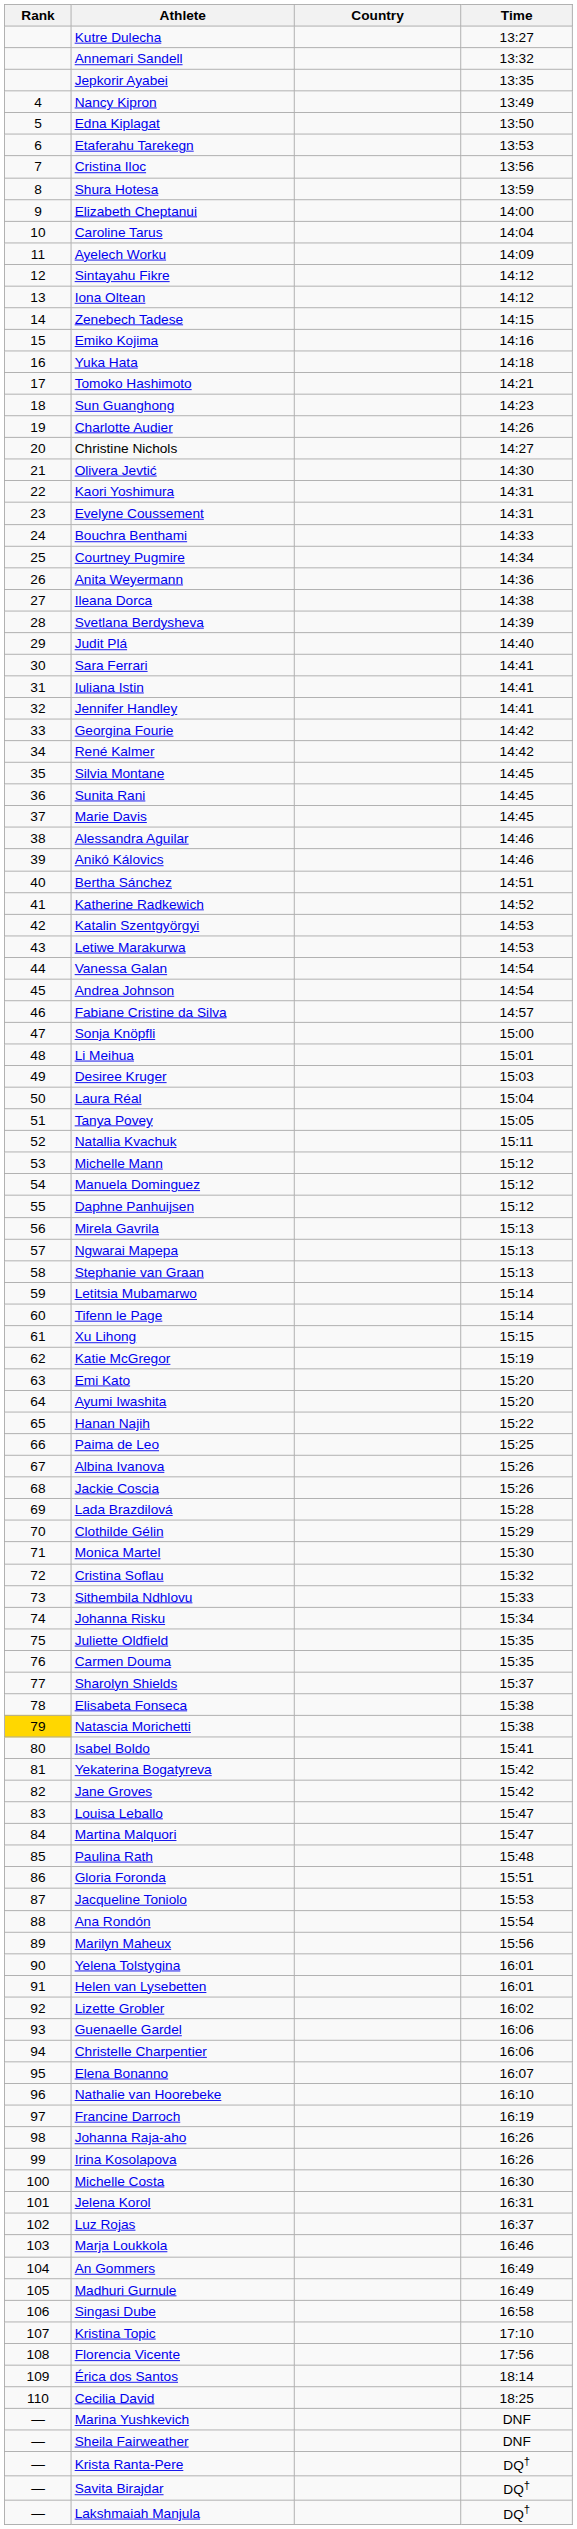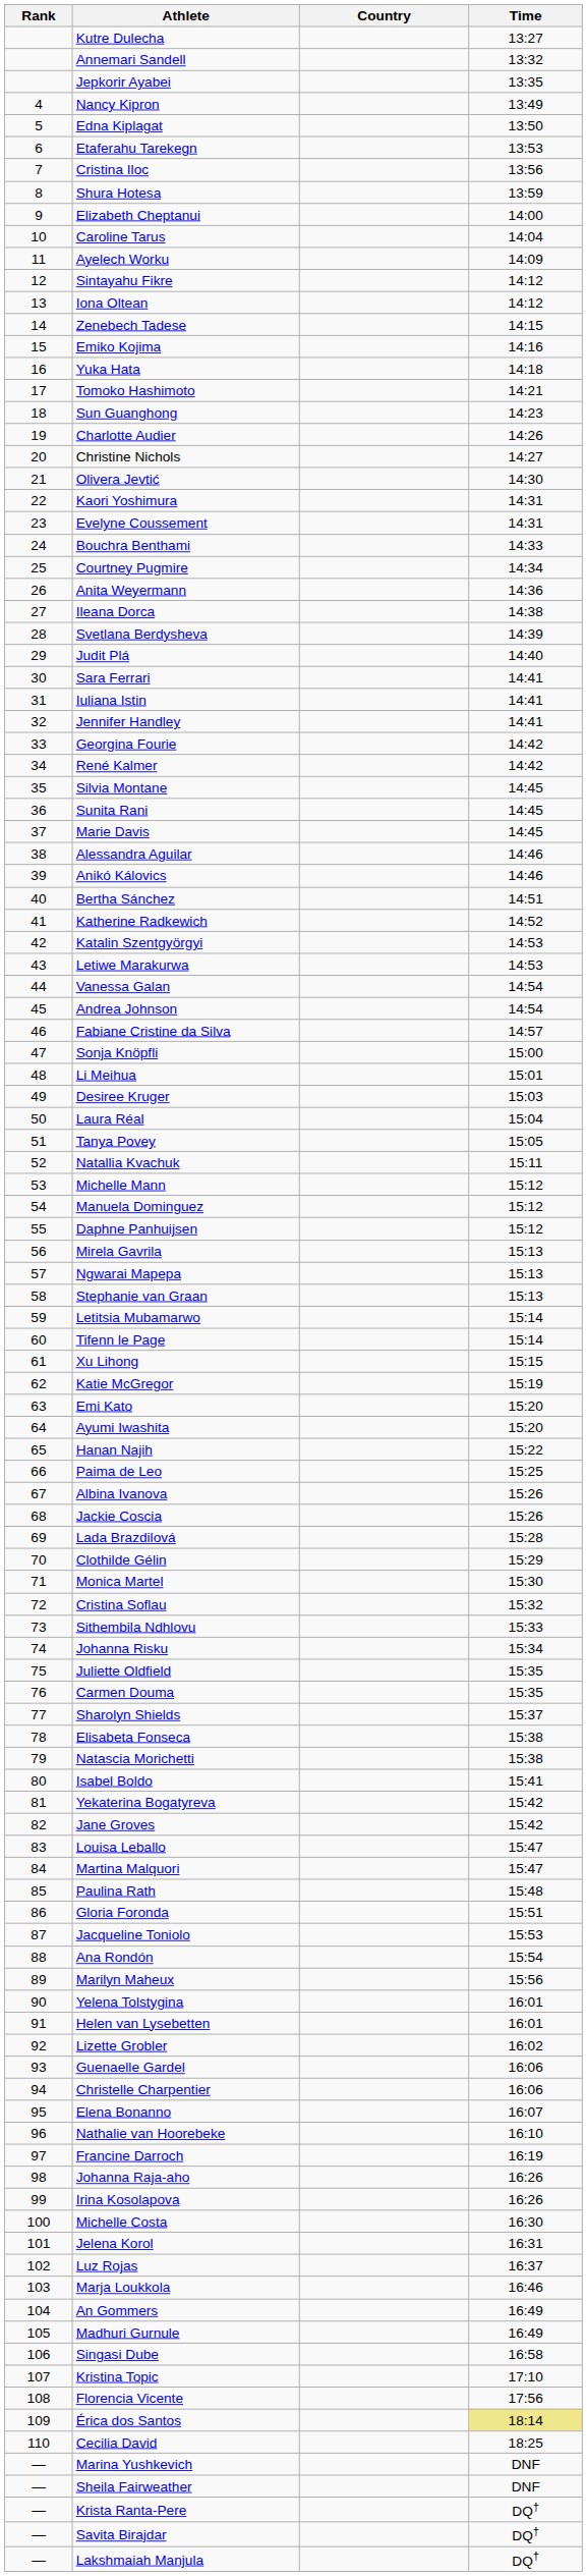 <table class="wikitable sortable" style=" text-align:center; font-size:95%;" width="50%">
 <tr>
 <th width=5%>Rank</th>
 <th width=20%>Athlete</th>
 <th width=15%>Country</th>
 <th width=10%>Time</th>
 </tr>
 <tr>
 <td align=center></td>
 <td align=left><a href='#'>Kutre Dulecha</a></td>
 <td align=left></td>
 <td>13:27</td>
 </tr>
 <tr>
 <td align=center></td>
 <td align=left><a href='#'>Annemari Sandell</a></td>
 <td align=left></td>
 <td>13:32</td>
 </tr>
 <tr>
 <td align=center></td>
 <td align=left><a href='#'>Jepkorir Ayabei</a></td>
 <td align=left></td>
 <td>13:35</td>
 </tr>
 <tr>
 <td align=center>4</td>
 <td align=left><a href='#'>Nancy Kipron</a></td>
 <td align=left></td>
 <td>13:49</td>
 </tr>
 <tr>
 <td align=center>5</td>
 <td align=left><a href='#'>Edna Kiplagat</a></td>
 <td align=left></td>
 <td>13:50</td>
 </tr>
 <tr>
 <td align=center>6</td>
 <td align=left><a href='#'>Etaferahu Tarekegn</a></td>
 <td align=left></td>
 <td>13:53</td>
 </tr>
 <tr>
 <td align=center>7</td>
 <td align=left><a href='#'>Cristina Iloc</a></td>
 <td align=left></td>
 <td>13:56</td>
 </tr>
 <tr>
 <td align=center>8</td>
 <td align=left><a href='#'>Shura Hotesa</a></td>
 <td align=left></td>
 <td>13:59</td>
 </tr>
 <tr>
 <td align=center>9</td>
 <td align=left><a href='#'>Elizabeth Cheptanui</a></td>
 <td align=left></td>
 <td>14:00</td>
 </tr>
 <tr>
 <td align=center>10</td>
 <td align=left><a href='#'>Caroline Tarus</a></td>
 <td align=left></td>
 <td>14:04</td>
 </tr>
 <tr>
 <td align=center>11</td>
 <td align=left><a href='#'>Ayelech Worku</a></td>
 <td align=left></td>
 <td>14:09</td>
 </tr>
 <tr>
 <td align=center>12</td>
 <td align=left><a href='#'>Sintayahu Fikre</a></td>
 <td align=left></td>
 <td>14:12</td>
 </tr>
 <tr>
 <td align=center>13</td>
 <td align=left><a href='#'>Iona Oltean</a></td>
 <td align=left></td>
 <td>14:12</td>
 </tr>
 <tr>
 <td align=center>14</td>
 <td align=left><a href='#'>Zenebech Tadese</a></td>
 <td align=left></td>
 <td>14:15</td>
 </tr>
 <tr>
 <td align=center>15</td>
 <td align=left><a href='#'>Emiko Kojima</a></td>
 <td align=left></td>
 <td>14:16</td>
 </tr>
 <tr>
 <td align=center>16</td>
 <td align=left><a href='#'>Yuka Hata</a></td>
 <td align=left></td>
 <td>14:18</td>
 </tr>
 <tr>
 <td align=center>17</td>
 <td align=left><a href='#'>Tomoko Hashimoto</a></td>
 <td align=left></td>
 <td>14:21</td>
 </tr>
 <tr>
 <td align=center>18</td>
 <td align=left><a href='#'>Sun Guanghong</a></td>
 <td align=left></td>
 <td>14:23</td>
 </tr>
 <tr>
 <td align=center>19</td>
 <td align=left><a href='#'>Charlotte Audier</a></td>
 <td align=left></td>
 <td>14:26</td>
 </tr>
 <tr>
 <td align=center>20</td>
 <td align=left>Christine Nichols</td>
 <td align=left></td>
 <td>14:27</td>
 </tr>
 <tr>
 <td align=center>21</td>
 <td align=left><a href='#'>Olivera Jevtić</a></td>
 <td align=left></td>
 <td>14:30</td>
 </tr>
 <tr>
 <td align=center>22</td>
 <td align=left><a href='#'>Kaori Yoshimura</a></td>
 <td align=left></td>
 <td>14:31</td>
 </tr>
 <tr>
 <td align=center>23</td>
 <td align=left><a href='#'>Evelyne Coussement</a></td>
 <td align=left></td>
 <td>14:31</td>
 </tr>
 <tr>
 <td align=center>24</td>
 <td align=left><a href='#'>Bouchra Benthami</a></td>
 <td align=left></td>
 <td>14:33</td>
 </tr>
 <tr>
 <td align=center>25</td>
 <td align=left><a href='#'>Courtney Pugmire</a></td>
 <td align=left></td>
 <td>14:34</td>
 </tr>
 <tr>
 <td align=center>26</td>
 <td align=left><a href='#'>Anita Weyermann</a></td>
 <td align=left></td>
 <td>14:36</td>
 </tr>
 <tr>
 <td align=center>27</td>
 <td align=left><a href='#'>Ileana Dorca</a></td>
 <td align=left></td>
 <td>14:38</td>
 </tr>
 <tr>
 <td align=center>28</td>
 <td align=left><a href='#'>Svetlana Berdysheva</a></td>
 <td align=left></td>
 <td>14:39</td>
 </tr>
 <tr>
 <td align=center>29</td>
 <td align=left><a href='#'>Judit Plá</a></td>
 <td align=left></td>
 <td>14:40</td>
 </tr>
 <tr>
 <td align=center>30</td>
 <td align=left><a href='#'>Sara Ferrari</a></td>
 <td align=left></td>
 <td>14:41</td>
 </tr>
 <tr>
 <td align=center>31</td>
 <td align=left><a href='#'>Iuliana Istin</a></td>
 <td align=left></td>
 <td>14:41</td>
 </tr>
 <tr>
 <td align=center>32</td>
 <td align=left><a href='#'>Jennifer Handley</a></td>
 <td align=left></td>
 <td>14:41</td>
 </tr>
 <tr>
 <td align=center>33</td>
 <td align=left><a href='#'>Georgina Fourie</a></td>
 <td align=left></td>
 <td>14:42</td>
 </tr>
 <tr>
 <td align=center>34</td>
 <td align=left><a href='#'>René Kalmer</a></td>
 <td align=left></td>
 <td>14:42</td>
 </tr>
 <tr>
 <td align=center>35</td>
 <td align=left><a href='#'>Silvia Montane</a></td>
 <td align=left></td>
 <td>14:45</td>
 </tr>
 <tr>
 <td align=center>36</td>
 <td align=left><a href='#'>Sunita Rani</a></td>
 <td align=left></td>
 <td>14:45</td>
 </tr>
 <tr>
 <td align=center>37</td>
 <td align=left><a href='#'>Marie Davis</a></td>
 <td align=left></td>
 <td>14:45</td>
 </tr>
 <tr>
 <td align=center>38</td>
 <td align=left><a href='#'>Alessandra Aguilar</a></td>
 <td align=left></td>
 <td>14:46</td>
 </tr>
 <tr>
 <td align=center>39</td>
 <td align=left><a href='#'>Anikó Kálovics</a></td>
 <td align=left></td>
 <td>14:46</td>
 </tr>
 <tr>
 <td align=center>40</td>
 <td align=left><a href='#'>Bertha Sánchez</a></td>
 <td align=left></td>
 <td>14:51</td>
 </tr>
 <tr>
 <td align=center>41</td>
 <td align=left><a href='#'>Katherine Radkewich</a></td>
 <td align=left></td>
 <td>14:52</td>
 </tr>
 <tr>
 <td align=center>42</td>
 <td align=left><a href='#'>Katalin Szentgyörgyi</a></td>
 <td align=left></td>
 <td>14:53</td>
 </tr>
 <tr>
 <td align=center>43</td>
 <td align=left><a href='#'>Letiwe Marakurwa</a></td>
 <td align=left></td>
 <td>14:53</td>
 </tr>
 <tr>
 <td align=center>44</td>
 <td align=left><a href='#'>Vanessa Galan</a></td>
 <td align=left></td>
 <td>14:54</td>
 </tr>
 <tr>
 <td align=center>45</td>
 <td align=left><a href='#'>Andrea Johnson</a></td>
 <td align=left></td>
 <td>14:54</td>
 </tr>
 <tr>
 <td align=center>46</td>
 <td align=left><a href='#'>Fabiane Cristine da Silva</a></td>
 <td align=left></td>
 <td>14:57</td>
 </tr>
 <tr>
 <td align=center>47</td>
 <td align=left><a href='#'>Sonja Knöpfli</a></td>
 <td align=left></td>
 <td>15:00</td>
 </tr>
 <tr>
 <td align=center>48</td>
 <td align=left><a href='#'>Li Meihua</a></td>
 <td align=left></td>
 <td>15:01</td>
 </tr>
 <tr>
 <td align=center>49</td>
 <td align=left><a href='#'>Desiree Kruger</a></td>
 <td align=left></td>
 <td>15:03</td>
 </tr>
 <tr>
 <td align=center>50</td>
 <td align=left><a href='#'>Laura Réal</a></td>
 <td align=left></td>
 <td>15:04</td>
 </tr>
 <tr>
 <td align=center>51</td>
 <td align=left><a href='#'>Tanya Povey</a></td>
 <td align=left></td>
 <td>15:05</td>
 </tr>
 <tr>
 <td align=center>52</td>
 <td align=left><a href='#'>Natallia Kvachuk</a></td>
 <td align=left></td>
 <td>15:11</td>
 </tr>
 <tr>
 <td align=center>53</td>
 <td align=left><a href='#'>Michelle Mann</a></td>
 <td align=left></td>
 <td>15:12</td>
 </tr>
 <tr>
 <td align=center>54</td>
 <td align=left><a href='#'>Manuela Dominguez</a></td>
 <td align=left></td>
 <td>15:12</td>
 </tr>
 <tr>
 <td align=center>55</td>
 <td align=left><a href='#'>Daphne Panhuijsen</a></td>
 <td align=left></td>
 <td>15:12</td>
 </tr>
 <tr>
 <td align=center>56</td>
 <td align=left><a href='#'>Mirela Gavrila</a></td>
 <td align=left></td>
 <td>15:13</td>
 </tr>
 <tr>
 <td align=center>57</td>
 <td align=left><a href='#'>Ngwarai Mapepa</a></td>
 <td align=left></td>
 <td>15:13</td>
 </tr>
 <tr>
 <td align=center>58</td>
 <td align=left><a href='#'>Stephanie van Graan</a></td>
 <td align=left></td>
 <td>15:13</td>
 </tr>
 <tr>
 <td align=center>59</td>
 <td align=left><a href='#'>Letitsia Mubamarwo</a></td>
 <td align=left></td>
 <td>15:14</td>
 </tr>
 <tr>
 <td align=center>60</td>
 <td align=left><a href='#'>Tifenn le Page</a></td>
 <td align=left></td>
 <td>15:14</td>
 </tr>
 <tr>
 <td align=center>61</td>
 <td align=left><a href='#'>Xu Lihong</a></td>
 <td align=left></td>
 <td>15:15</td>
 </tr>
 <tr>
 <td align=center>62</td>
 <td align=left><a href='#'>Katie McGregor</a></td>
 <td align=left></td>
 <td>15:19</td>
 </tr>
 <tr>
 <td align=center>63</td>
 <td align=left><a href='#'>Emi Kato</a></td>
 <td align=left></td>
 <td>15:20</td>
 </tr>
 <tr>
 <td align=center>64</td>
 <td align=left><a href='#'>Ayumi Iwashita</a></td>
 <td align=left></td>
 <td>15:20</td>
 </tr>
 <tr>
 <td align=center>65</td>
 <td align=left><a href='#'>Hanan Najih</a></td>
 <td align=left></td>
 <td>15:22</td>
 </tr>
 <tr>
 <td align=center>66</td>
 <td align=left><a href='#'>Paima de Leo</a></td>
 <td align=left></td>
 <td>15:25</td>
 </tr>
 <tr>
 <td align=center>67</td>
 <td align=left><a href='#'>Albina Ivanova</a></td>
 <td align=left></td>
 <td>15:26</td>
 </tr>
 <tr>
 <td align=center>68</td>
 <td align=left><a href='#'>Jackie Coscia</a></td>
 <td align=left></td>
 <td>15:26</td>
 </tr>
 <tr>
 <td align=center>69</td>
 <td align=left><a href='#'>Lada Brazdilová</a></td>
 <td align=left></td>
 <td>15:28</td>
 </tr>
 <tr>
 <td align=center>70</td>
 <td align=left><a href='#'>Clothilde Gélin</a></td>
 <td align=left></td>
 <td>15:29</td>
 </tr>
 <tr>
 <td align=center>71</td>
 <td align=left><a href='#'>Monica Martel</a></td>
 <td align=left></td>
 <td>15:30</td>
 </tr>
 <tr>
 <td align=center>72</td>
 <td align=left><a href='#'>Cristina Soflau</a></td>
 <td align=left></td>
 <td>15:32</td>
 </tr>
 <tr>
 <td align=center>73</td>
 <td align=left><a href='#'>Sithembila Ndhlovu</a></td>
 <td align=left></td>
 <td>15:33</td>
 </tr>
 <tr>
 <td align=center>74</td>
 <td align=left><a href='#'>Johanna Risku</a></td>
 <td align=left></td>
 <td>15:34</td>
 </tr>
 <tr>
 <td align=center>75</td>
 <td align=left><a href='#'>Juliette Oldfield</a></td>
 <td align=left></td>
 <td>15:35</td>
 </tr>
 <tr>
 <td align=center>76</td>
 <td align=left><a href='#'>Carmen Douma</a></td>
 <td align=left></td>
 <td>15:35</td>
 </tr>
 <tr>
 <td align=center>77</td>
 <td align=left><a href='#'>Sharolyn Shields</a></td>
 <td align=left></td>
 <td>15:37</td>
 </tr>
 <tr>
 <td align=center>78</td>
 <td align=left><a href='#'>Elisabeta Fonseca</a></td>
 <td align=left></td>
 <td>15:38</td>
 </tr>
 <tr>
-<td align=center style="background: gold;">79</td>
+<td align=center>79</td>
 <td align=left><a href='#'>Natascia Morichetti</a></td>
 <td align=left></td>
 <td>15:38</td>
 </tr>
 <tr>
 <td align=center>80</td>
 <td align=left><a href='#'>Isabel Boldo</a></td>
 <td align=left></td>
 <td>15:41</td>
 </tr>
 <tr>
 <td align=center>81</td>
 <td align=left><a href='#'>Yekaterina Bogatyreva</a></td>
 <td align=left></td>
 <td>15:42</td>
 </tr>
 <tr>
 <td align=center>82</td>
 <td align=left><a href='#'>Jane Groves</a></td>
 <td align=left></td>
 <td>15:42</td>
 </tr>
 <tr>
 <td align=center>83</td>
 <td align=left><a href='#'>Louisa Leballo</a></td>
 <td align=left></td>
 <td>15:47</td>
 </tr>
 <tr>
 <td align=center>84</td>
 <td align=left><a href='#'>Martina Malquori</a></td>
 <td align=left></td>
 <td>15:47</td>
 </tr>
 <tr>
 <td align=center>85</td>
 <td align=left><a href='#'>Paulina Rath</a></td>
 <td align=left></td>
 <td>15:48</td>
 </tr>
 <tr>
 <td align=center>86</td>
 <td align=left><a href='#'>Gloria Foronda</a></td>
 <td align=left></td>
 <td>15:51</td>
 </tr>
 <tr>
 <td align=center>87</td>
 <td align=left><a href='#'>Jacqueline Toniolo</a></td>
 <td align=left></td>
 <td>15:53</td>
 </tr>
 <tr>
 <td align=center>88</td>
 <td align=left><a href='#'>Ana Rondón</a></td>
 <td align=left></td>
 <td>15:54</td>
 </tr>
 <tr>
 <td align=center>89</td>
 <td align=left><a href='#'>Marilyn Maheux</a></td>
 <td align=left></td>
 <td>15:56</td>
 </tr>
 <tr>
 <td align=center>90</td>
 <td align=left><a href='#'>Yelena Tolstygina</a></td>
 <td align=left></td>
 <td>16:01</td>
 </tr>
 <tr>
 <td align=center>91</td>
 <td align=left><a href='#'>Helen van Lysebetten</a></td>
 <td align=left></td>
 <td>16:01</td>
 </tr>
 <tr>
 <td align=center>92</td>
 <td align=left><a href='#'>Lizette Grobler</a></td>
 <td align=left></td>
 <td>16:02</td>
 </tr>
 <tr>
 <td align=center>93</td>
 <td align=left><a href='#'>Guenaelle Gardel</a></td>
 <td align=left></td>
 <td>16:06</td>
 </tr>
 <tr>
 <td align=center>94</td>
 <td align=left><a href='#'>Christelle Charpentier</a></td>
 <td align=left></td>
 <td>16:06</td>
 </tr>
 <tr>
 <td align=center>95</td>
 <td align=left><a href='#'>Elena Bonanno</a></td>
 <td align=left></td>
 <td>16:07</td>
 </tr>
 <tr>
 <td align=center>96</td>
 <td align=left><a href='#'>Nathalie van Hoorebeke</a></td>
 <td align=left></td>
 <td>16:10</td>
 </tr>
 <tr>
 <td align=center>97</td>
 <td align=left><a href='#'>Francine Darroch</a></td>
 <td align=left></td>
 <td>16:19</td>
 </tr>
 <tr>
 <td align=center>98</td>
 <td align=left><a href='#'>Johanna Raja-aho</a></td>
 <td align=left></td>
 <td>16:26</td>
 </tr>
 <tr>
 <td align=center>99</td>
 <td align=left><a href='#'>Irina Kosolapova</a></td>
 <td align=left></td>
 <td>16:26</td>
 </tr>
 <tr>
 <td align=center>100</td>
 <td align=left><a href='#'>Michelle Costa</a></td>
 <td align=left></td>
 <td>16:30</td>
 </tr>
 <tr>
 <td align=center>101</td>
 <td align=left><a href='#'>Jelena Korol</a></td>
 <td align=left></td>
 <td>16:31</td>
 </tr>
 <tr>
 <td align=center>102</td>
 <td align=left><a href='#'>Luz Rojas</a></td>
 <td align=left></td>
 <td>16:37</td>
 </tr>
 <tr>
 <td align=center>103</td>
 <td align=left><a href='#'>Marja Loukkola</a></td>
 <td align=left></td>
 <td>16:46</td>
 </tr>
 <tr>
 <td align=center>104</td>
 <td align=left><a href='#'>An Gommers</a></td>
 <td align=left></td>
 <td>16:49</td>
 </tr>
 <tr>
 <td align=center>105</td>
 <td align=left><a href='#'>Madhuri Gurnule</a></td>
 <td align=left></td>
 <td>16:49</td>
 </tr>
 <tr>
 <td align=center>106</td>
 <td align=left><a href='#'>Singasi Dube</a></td>
 <td align=left></td>
 <td>16:58</td>
 </tr>
 <tr>
 <td align=center>107</td>
 <td align=left><a href='#'>Kristina Topic</a></td>
 <td align=left></td>
 <td>17:10</td>
 </tr>
 <tr>
 <td align=center>108</td>
 <td align=left><a href='#'>Florencia Vicente</a></td>
 <td align=left></td>
 <td>17:56</td>
 </tr>
 <tr>
 <td align=center>109</td>
 <td align=left><a href='#'>Érica dos Santos</a></td>
 <td align=left></td>
-<td>18:14</td>
+<td style="background: khaki;">18:14</td>
 </tr>
 <tr>
 <td align=center>110</td>
 <td align=left><a href='#'>Cecilia David</a></td>
 <td align=left></td>
 <td>18:25</td>
 </tr>
 <tr>
 <td align=center>—</td>
 <td align=left><a href='#'>Marina Yushkevich</a></td>
 <td align=left></td>
 <td>DNF</td>
 </tr>
 <tr>
 <td align=center>—</td>
 <td align=left><a href='#'>Sheila Fairweather</a></td>
 <td align=left></td>
 <td>DNF</td>
 </tr>
 <tr>
 <td align=center>—</td>
 <td align=left><a href='#'>Krista Ranta-Pere</a></td>
 <td align=left></td>
 <td>DQ<sup>†</sup></td>
 </tr>
 <tr>
 <td align=center>—</td>
 <td align=left><a href='#'>Savita Birajdar</a></td>
 <td align=left></td>
 <td>DQ<sup>†</sup></td>
 </tr>
 <tr>
 <td align=center>—</td>
 <td align=left><a href='#'>Lakshmaiah Manjula</a></td>
 <td align=left></td>
 <td>DQ<sup>†</sup></td>
 </tr>
 </table>
